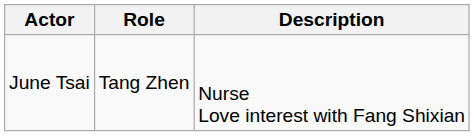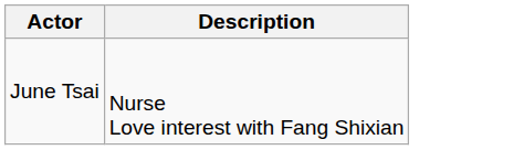 <table class="wikitable">
 <tr>
 <th>Actor</th>
-<th>Role</th>
 <th>Description</th>
 </tr>
 <tr>
 <td>June Tsai</td>
-<td>Tang Zhen</td>
 <td><br><br>Nurse<br> Love interest with Fang Shixian</td>
 </tr>
 </table>
